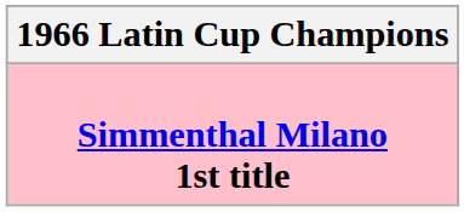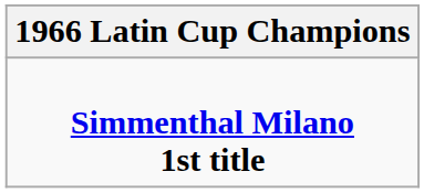 <table class=wikitable style="text-align:center; margin:auto">
 <tr>
 <th>1966 Latin Cup Champions</th>
 </tr>
 <tr>
-<td style="background: pink;"><br> <strong><a href='#'>Simmenthal Milano</a></strong> <br> <strong>1st title</strong></td>
+<td><br> <strong><a href='#'>Simmenthal Milano</a></strong> <br> <strong>1st title</strong></td>
 </tr>
 </table>
